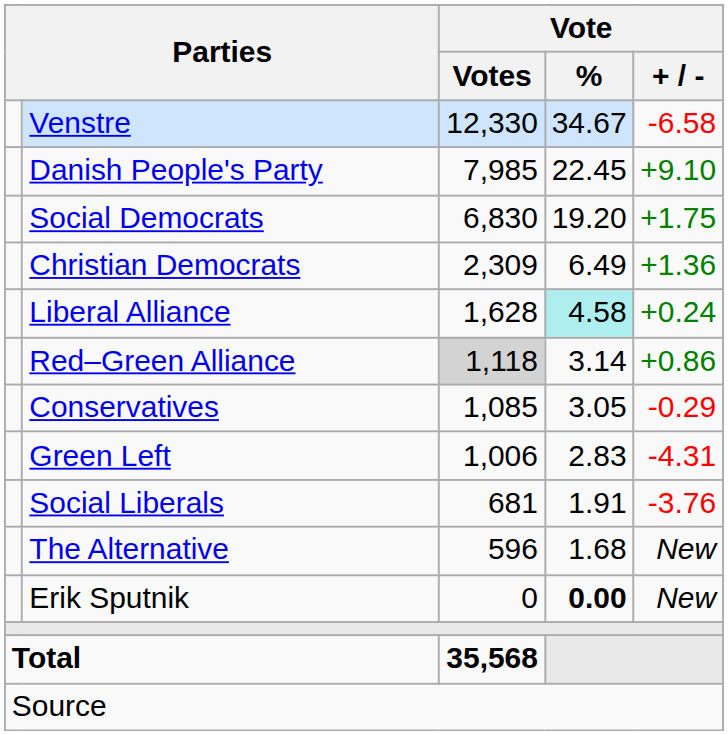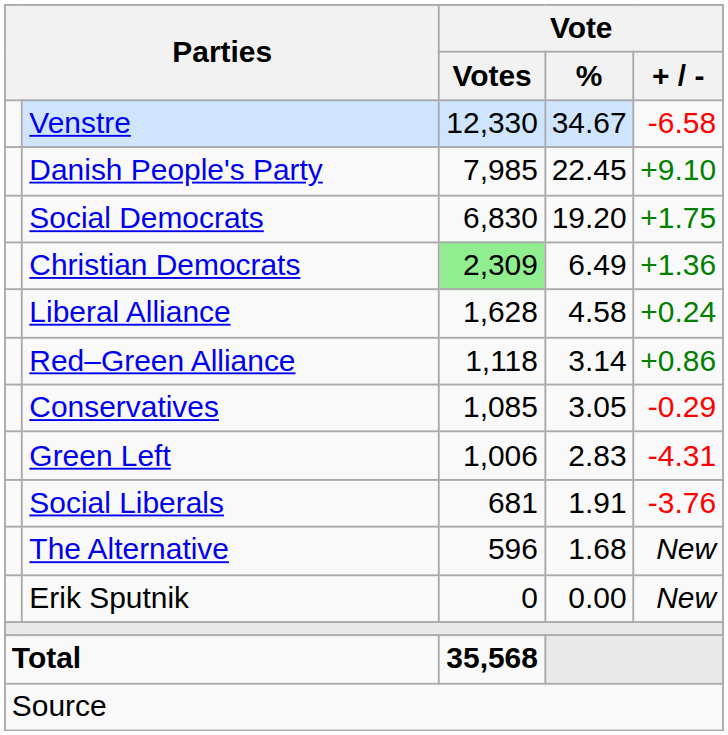 <table class="wikitable" style="text-align:right;">
 <tr>
 <th style="text-align:centre;" rowspan="2" colspan="2" width="225">Parties</th>
 <th colspan="3">Vote</th>
 </tr>
 <tr>
 <th width="15">Votes</th>
 <th width="15">%</th>
 <th width="15">+ / -</th>
 </tr>
 <tr>
 <td width="2" style="color:inherit;background:"></td>
 <td bgcolor=#cfe5fe  align="left"><a href='#'>Venstre</a></td>
 <td bgcolor=#cfe5fe>12,330</td>
 <td bgcolor=#cfe5fe>34.67</td>
 <td style=color:red;>-6.58</td>
 </tr>
 <tr>
 <td width="2" style="color:inherit;background:"></td>
 <td align="left"><a href='#'>Danish People's Party</a></td>
 <td>7,985</td>
 <td>22.45</td>
 <td style=color:green;>+9.10</td>
 </tr>
 <tr>
 <td width="2" style="color:inherit;background:"></td>
 <td align="left"><a href='#'>Social Democrats</a></td>
 <td>6,830</td>
 <td>19.20</td>
 <td style=color:green;>+1.75</td>
 </tr>
 <tr>
 <td width="2" style="color:inherit;background:"></td>
 <td align="left"><a href='#'>Christian Democrats</a></td>
-<td>2,309</td>
+<td style="background: lightgreen;">2,309</td>
 <td>6.49</td>
 <td style=color:green;>+1.36</td>
 </tr>
 <tr>
 <td width="2" style="color:inherit;background:"></td>
 <td align="left"><a href='#'>Liberal Alliance</a></td>
 <td>1,628</td>
-<td style="background: paleturquoise;">4.58</td>
+<td>4.58</td>
 <td style=color:green;>+0.24</td>
 </tr>
 <tr>
 <td width="2" style="color:inherit;background:"></td>
 <td align="left"><a href='#'>Red–Green Alliance</a></td>
-<td style="background: lightgrey;">1,118</td>
+<td>1,118</td>
 <td>3.14</td>
 <td style=color:green;>+0.86</td>
 </tr>
 <tr>
 <td width="2" style="color:inherit;background:"></td>
 <td align="left"><a href='#'>Conservatives</a></td>
 <td>1,085</td>
 <td>3.05</td>
 <td style=color:red;>-0.29</td>
 </tr>
 <tr>
 <td width="2" style="color:inherit;background:"></td>
 <td align="left"><a href='#'>Green Left</a></td>
 <td>1,006</td>
 <td>2.83</td>
 <td style=color:red;>-4.31</td>
 </tr>
 <tr>
 <td width="2" style="color:inherit;background:"></td>
 <td align="left"><a href='#'>Social Liberals</a></td>
 <td>681</td>
 <td>1.91</td>
 <td style=color:red;>-3.76</td>
 </tr>
 <tr>
 <td width="2" style="color:inherit;background:"></td>
 <td align="left"><a href='#'>The Alternative</a></td>
 <td>596</td>
 <td>1.68</td>
 <td><em>New</em></td>
 </tr>
 <tr>
 <td width="2" style="color:inherit;background:"></td>
 <td align="left">Erik Sputnik</td>
 <td>0</td>
-<td><strong>0.00</strong></td>
+<td>0.00</td>
 <td><em>New</em></td>
 </tr>
 <tr>
 <td colspan="7" bgcolor="#E9E9E9"></td>
 </tr>
 <tr>
 <td align="left" colspan="2"><strong>Total</strong></td>
 <td><strong>35,568</strong></td>
 <td bgcolor="#E9E9E9" colspan="2"></td>
 </tr>
 <tr>
 <td align="left" colspan="6">Source</td>
 </tr>
 </table>
